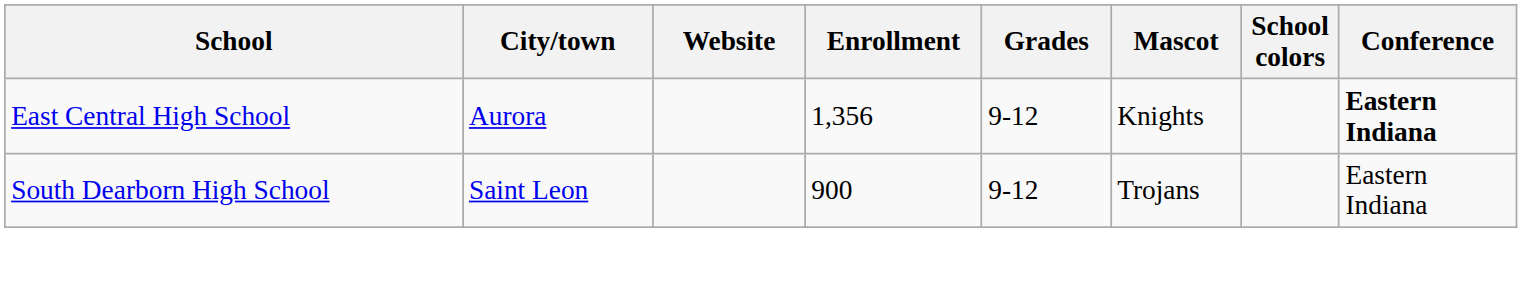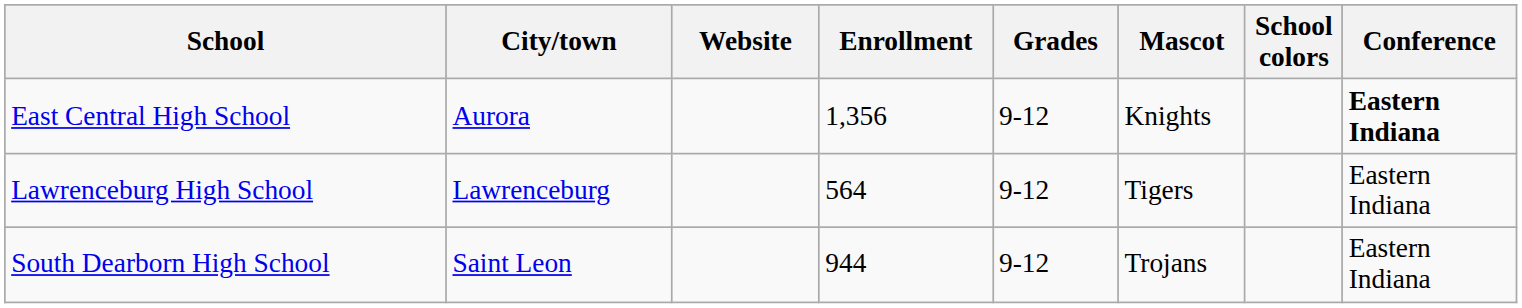 <table class="wikitable sortable" width="70%">
 <tr>
 <th width="20%">School</th>
 <th width="08%">City/town</th>
 <th width="06%">Website</th>
 <th width="04%">Enrollment</th>
 <th width="04%">Grades</th>
 <th width="04%">Mascot</th>
 <th width=01%>School colors</th>
 <th width="04%">Conference</th>
 </tr>
 <tr>
 <td><a href='#'>East Central High School</a></td>
 <td><a href='#'>Aurora</a></td>
 <td></td>
 <td>1,356</td>
 <td>9-12</td>
 <td>Knights</td>
 <td>  </td>
 <td><strong>Eastern Indiana</strong></td>
 </tr>
 <tr>
+<td><a href='#'>Lawrenceburg High School</a></td>
+<td><a href='#'>Lawrenceburg</a></td>
+<td></td>
+<td>564</td>
+<td>9-12</td>
+<td>Tigers</td>
+<td>  </td>
+<td>Eastern Indiana</td>
+</tr>
+<tr>
 <td><a href='#'>South Dearborn High School</a></td>
 <td><a href='#'>Saint Leon</a></td>
 <td></td>
-<td>900</td>
+<td>944</td>
 <td>9-12</td>
 <td>Trojans</td>
 <td>  </td>
 <td>Eastern Indiana</td>
 </tr>
 </table>
